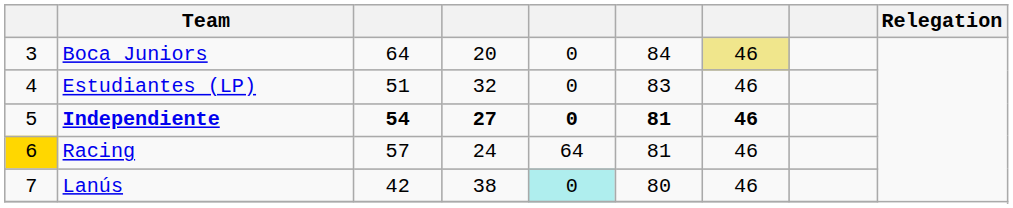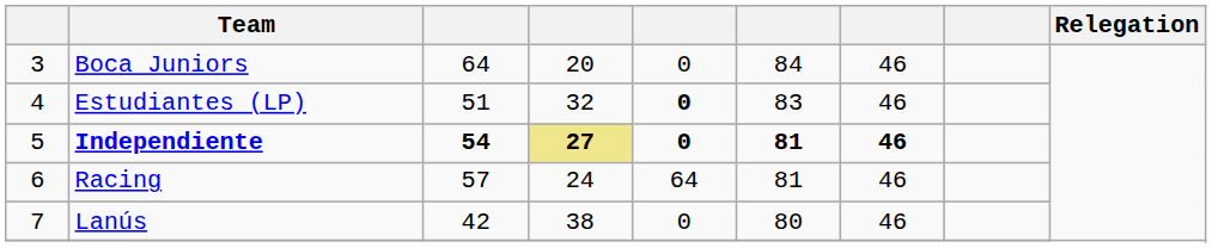 <table class="wikitable" style="text-align: center;">
 <tr>
 <th width=28><br></th>
 <th width=185>Team</th>
 <th width=50></th>
 <th width=50></th>
 <th width=50></th>
 <th width=50></th>
 <th width=50></th>
 <th width=50><br></th>
 <th>Relegation</th>
 </tr>
 <tr>
 <td>3</td>
 <td align="left"><a href='#'>Boca Juniors</a></td>
 <td>64</td>
 <td>20</td>
 <td>0</td>
 <td>84</td>
-<td style="background: khaki;">46</td>
+<td>46</td>
 <td></td>
 </tr>
 <tr>
 <td>4</td>
 <td align="left"><a href='#'>Estudiantes (LP)</a></td>
 <td>51</td>
 <td>32</td>
-<td>0</td>
+<td><strong>0</strong></td>
 <td>83</td>
 <td>46</td>
 <td></td>
 </tr>
 <tr>
 <td>5</td>
 <td align="left"><strong><a href='#'>Independiente</a></strong></td>
 <td><strong>54</strong></td>
-<td><strong>27</strong></td>
+<td style="background: khaki;"><strong>27</strong></td>
 <td><strong>0</strong></td>
 <td><strong>81</strong></td>
 <td><strong>46</strong></td>
 <td><strong></strong></td>
 </tr>
 <tr>
-<td style="background: gold;">6</td>
+<td>6</td>
 <td align="left"><a href='#'>Racing</a></td>
 <td>57</td>
 <td>24</td>
 <td>64</td>
 <td>81</td>
 <td>46</td>
 <td></td>
 </tr>
 <tr>
 <td>7</td>
 <td align="left"><a href='#'>Lanús</a></td>
 <td>42</td>
 <td>38</td>
-<td style="background: paleturquoise;">0</td>
+<td>0</td>
 <td>80</td>
 <td>46</td>
 <td></td>
 </tr>
 <tr>
 </tr>
 </table>
